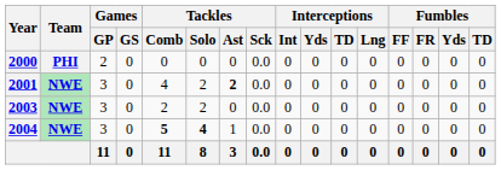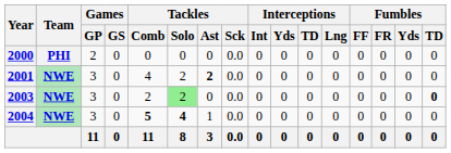 <table class="wikitable" style="text-align:center">
 <tr>
 <th rowspan="2">Year</th>
 <th rowspan="2">Team</th>
 <th colspan="2">Games</th>
 <th colspan="4">Tackles</th>
 <th colspan="4">Interceptions</th>
 <th colspan="4">Fumbles</th>
 </tr>
 <tr>
 <th>GP</th>
 <th>GS</th>
 <th>Comb</th>
 <th>Solo</th>
 <th>Ast</th>
 <th>Sck</th>
 <th>Int</th>
 <th>Yds</th>
 <th>TD</th>
 <th>Lng</th>
 <th>FF</th>
 <th>FR</th>
 <th>Yds</th>
 <th>TD</th>
 </tr>
 <tr>
 <th><a href='#'>2000</a></th>
 <th><a href='#'>PHI</a></th>
 <td>2</td>
 <td>0</td>
 <td>0</td>
 <td>0</td>
 <td>0</td>
 <td>0.0</td>
 <td>0</td>
 <td>0</td>
 <td>0</td>
 <td>0</td>
 <td>0</td>
 <td>0</td>
 <td>0</td>
 <td>0</td>
 </tr>
 <tr>
 <th><a href='#'>2001</a></th>
 <th style="background:#afe6ba; width:3em;"><a href='#'>NWE</a></th>
 <td>3</td>
 <td>0</td>
 <td>4</td>
 <td>2</td>
 <td><strong>2</strong></td>
 <td>0.0</td>
 <td>0</td>
 <td>0</td>
 <td>0</td>
 <td>0</td>
 <td>0</td>
 <td>0</td>
 <td>0</td>
 <td>0</td>
 </tr>
 <tr>
 <th><a href='#'>2003</a></th>
 <th style="background:#afe6ba; width:3em;"><a href='#'>NWE</a></th>
 <td>3</td>
 <td>0</td>
 <td>2</td>
-<td>2</td>
+<td style="background: lightgreen;">2</td>
 <td>0</td>
 <td>0.0</td>
 <td>0</td>
 <td>0</td>
 <td>0</td>
 <td>0</td>
 <td>0</td>
 <td>0</td>
 <td>0</td>
-<td>0</td>
+<td><strong>0</strong></td>
 </tr>
 <tr>
 <th><a href='#'>2004</a></th>
 <th style="background:#afe6ba; width:3em;"><a href='#'>NWE</a></th>
 <td>3</td>
 <td>0</td>
 <td><strong>5</strong></td>
 <td><strong>4</strong></td>
 <td>1</td>
 <td>0.0</td>
 <td>0</td>
 <td>0</td>
 <td>0</td>
 <td>0</td>
 <td>0</td>
 <td>0</td>
 <td>0</td>
 <td>0</td>
 </tr>
 <tr>
 <th colspan="2"></th>
 <th>11</th>
 <th>0</th>
 <th>11</th>
 <th>8</th>
 <th>3</th>
 <th>0.0</th>
 <th>0</th>
 <th>0</th>
 <th>0</th>
 <th>0</th>
 <th>0</th>
 <th>0</th>
 <th>0</th>
 <th>0</th>
 </tr>
 </table>
